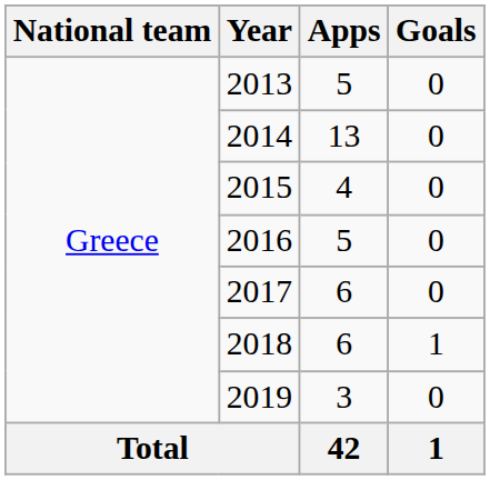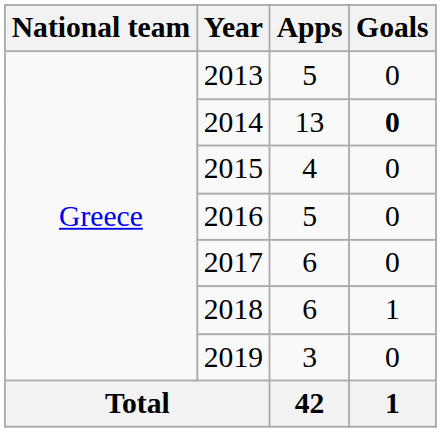 <table class="wikitable" style="text-align:center">
 <tr>
 <th>National team</th>
 <th>Year</th>
 <th>Apps</th>
 <th>Goals</th>
 </tr>
 <tr>
 <td rowspan="7"><a href='#'>Greece</a></td>
 <td>2013</td>
 <td>5</td>
 <td>0</td>
 </tr>
 <tr>
 <td>2014</td>
 <td>13</td>
-<td>0</td>
+<td><strong>0</strong></td>
 </tr>
 <tr>
 <td>2015</td>
 <td>4</td>
 <td>0</td>
 </tr>
 <tr>
 <td>2016</td>
 <td>5</td>
 <td>0</td>
 </tr>
 <tr>
 <td>2017</td>
 <td>6</td>
 <td>0</td>
 </tr>
 <tr>
 <td>2018</td>
 <td>6</td>
 <td>1</td>
 </tr>
 <tr>
 <td>2019</td>
 <td>3</td>
 <td>0</td>
 </tr>
 <tr>
 <th colspan="2">Total</th>
 <th>42</th>
 <th>1</th>
 </tr>
 </table>
